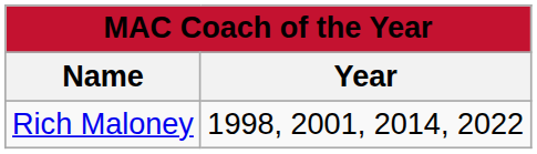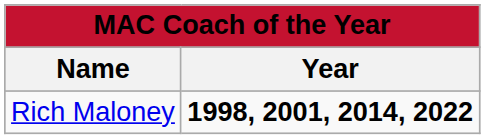 <table class="wikitable">
 <tr>
 <th colspan=2 style="background:#C41230;"><span>MAC Coach of the Year</span></th>
 </tr>
 <tr>
 <th>Name</th>
 <th>Year</th>
 </tr>
 <tr>
 <td><a href='#'>Rich Maloney</a></td>
-<td align=center>1998, 2001, 2014, 2022</td>
+<td align=center><strong>1998, 2001, 2014, 2022</strong></td>
 </tr>
 </table>
